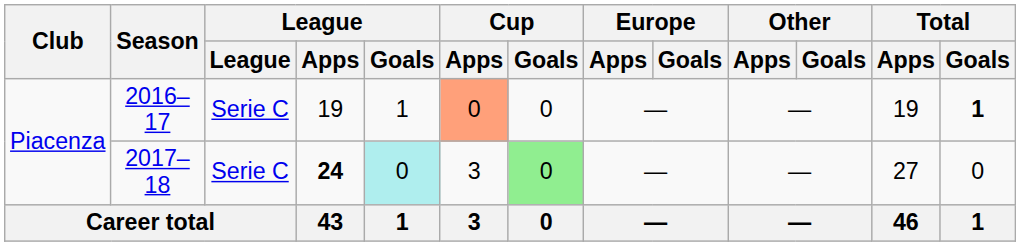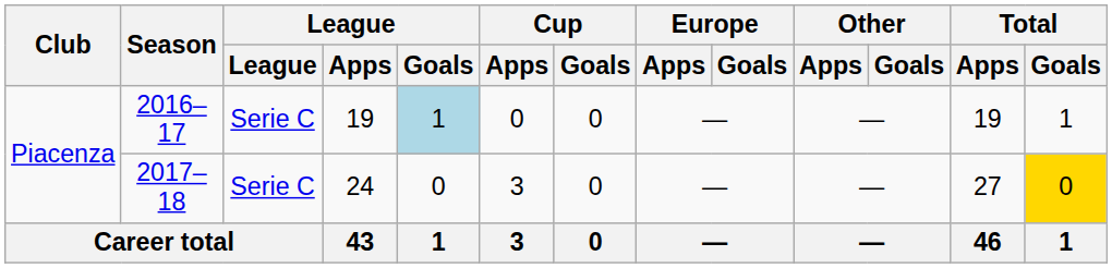 <table class="wikitable" style="text-align: center;">
 <tr>
 <th rowspan="2">Club</th>
 <th rowspan="2">Season</th>
 <th colspan="3">League</th>
 <th colspan="2">Cup</th>
 <th colspan="2">Europe</th>
 <th colspan="2">Other</th>
 <th colspan="2">Total</th>
 </tr>
 <tr>
 <th>League</th>
 <th>Apps</th>
 <th>Goals</th>
 <th>Apps</th>
 <th>Goals</th>
 <th>Apps</th>
 <th>Goals</th>
 <th>Apps</th>
 <th>Goals</th>
 <th>Apps</th>
 <th>Goals</th>
 </tr>
 <tr>
 <td rowspan="2"><a href='#'>Piacenza</a></td>
 <td><a href='#'>2016–17</a></td>
 <td><a href='#'>Serie C</a></td>
 <td>19</td>
-<td>1</td>
-<td style="background: lightsalmon;">0</td>
+<td style="background: lightblue;">1</td>
+<td>0</td>
 <td>0</td>
 <td colspan="2">—</td>
 <td colspan="2">—</td>
 <td>19</td>
-<td><strong>1</strong></td>
+<td>1</td>
 </tr>
 <tr>
 <td><a href='#'>2017–18</a></td>
 <td><a href='#'>Serie C</a></td>
-<td><strong>24</strong></td>
-<td style="background: paleturquoise;">0</td>
+<td>24</td>
+<td>0</td>
 <td>3</td>
-<td style="background: lightgreen;">0</td>
+<td>0</td>
 <td colspan="2">—</td>
 <td colspan="2">—</td>
 <td>27</td>
-<td>0</td>
+<td style="background: gold;">0</td>
 </tr>
 <tr>
 <th colspan="3">Career total</th>
 <th>43</th>
 <th>1</th>
 <th>3</th>
 <th>0</th>
 <th colspan="2">—</th>
 <th colspan="2">—</th>
 <th>46</th>
 <th>1</th>
 </tr>
 </table>
